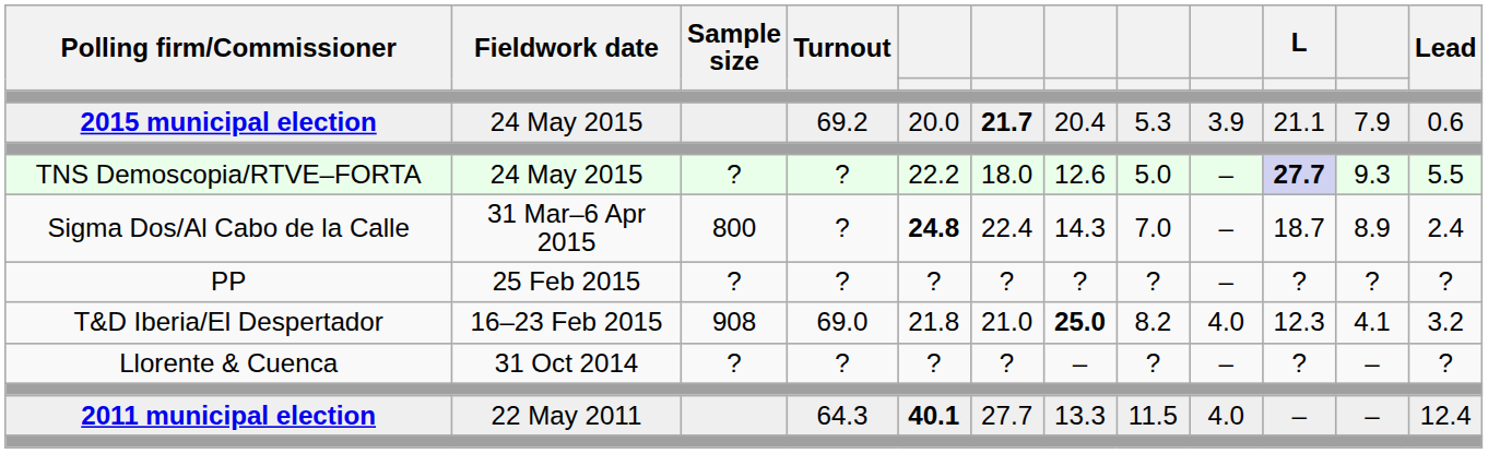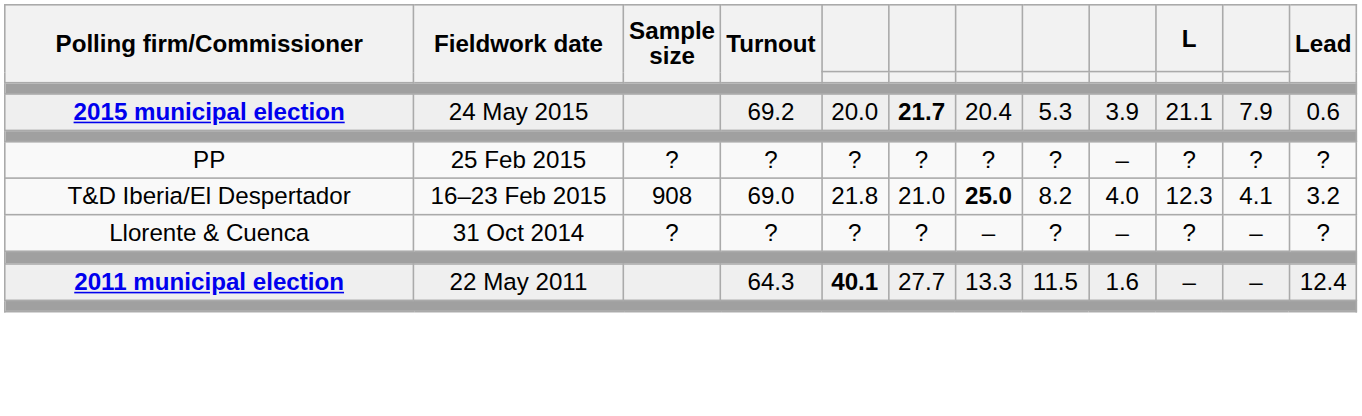 <table class="wikitable collapsible collapsed" style="text-align:center; font-size:95%; line-height:16px;">
 <tr style="height:42px;">
 <th style="width:250px;" rowspan="2">Polling firm/Commissioner</th>
 <th style="width:125px;" rowspan="2">Fieldwork date</th>
 <th style="width:50px;" rowspan="2">Sample size</th>
 <th style="width:45px;" rowspan="2">Turnout</th>
 <th style="width:35px;"></th>
 <th style="width:35px;"></th>
 <th style="width:35px;"></th>
 <th style="width:35px;"></th>
 <th style="width:35px;"></th>
 <th style="width:35px;">L</th>
 <th style="width:35px;"></th>
 <th style="width:30px;" rowspan="2">Lead</th>
 </tr>
 <tr>
 <th style="color:inherit;background:"></th>
 <th style="color:inherit;background:"></th>
 <th style="color:inherit;background:"></th>
 <th style="color:inherit;background:"></th>
 <th style="color:inherit;background:"></th>
 <th style="color:inherit;background:"></th>
 <th style="color:inherit;background:"></th>
 </tr>
 <tr>
 <td colspan="12" style="background:#A0A0A0"></td>
 </tr>
 <tr style="background:#EFEFEF;">
 <td><strong><a href='#'>2015 municipal election</a></strong></td>
 <td>24 May 2015</td>
 <td></td>
 <td>69.2</td>
 <td>20.0<br></td>
 <td><strong>21.7</strong><br></td>
 <td>20.4<br></td>
 <td>5.3<br></td>
 <td>3.9<br></td>
 <td>21.1<br></td>
 <td>7.9<br></td>
 <td style="background:">0.6</td>
 </tr>
 <tr>
 <td colspan="12" style="background:#A0A0A0"></td>
-</tr>
-<tr style="background:#EAFFEA;">
-<td>TNS Demoscopia/RTVE–FORTA</td>
-<td>24 May 2015</td>
-<td>?</td>
-<td>?</td>
-<td>22.2<br></td>
-<td>18.0<br></td>
-<td>12.6<br></td>
-<td>5.0<br></td>
-<td>–</td>
-<td style="background:#D1D2F1"><strong>27.7</strong><br></td>
-<td>9.3<br></td>
-<td style="background:">5.5</td>
-</tr>
-<tr>
-<td>Sigma Dos/Al Cabo de la Calle</td>
-<td>31 Mar–6 Apr 2015</td>
-<td>800</td>
-<td>?</td>
-<td><strong>24.8</strong><br></td>
-<td>22.4<br></td>
-<td>14.3<br></td>
-<td>7.0<br></td>
-<td>–</td>
-<td>18.7<br></td>
-<td>8.9<br></td>
-<td style="background:">2.4</td>
 </tr>
 <tr>
 <td>PP</td>
 <td>25 Feb 2015</td>
 <td>?</td>
 <td>?</td>
 <td>?<br></td>
 <td>?<br></td>
 <td>?<br></td>
 <td>?<br></td>
 <td>–</td>
 <td>?<br></td>
 <td>?<br></td>
 <td style="background:">?</td>
 </tr>
 <tr>
 <td>T&D Iberia/El Despertador</td>
 <td>16–23 Feb 2015</td>
 <td>908</td>
 <td>69.0</td>
 <td>21.8<br></td>
 <td>21.0<br></td>
 <td><strong>25.0</strong><br></td>
 <td>8.2<br></td>
 <td>4.0<br></td>
 <td>12.3<br></td>
 <td>4.1<br></td>
 <td style="background:">3.2</td>
 </tr>
 <tr>
 <td>Llorente & Cuenca</td>
 <td>31 Oct 2014</td>
 <td>?</td>
 <td>?</td>
 <td>?<br></td>
 <td>?<br></td>
 <td>–</td>
 <td>?<br></td>
 <td>–</td>
 <td>?<br></td>
 <td>–</td>
 <td style="background:">?</td>
 </tr>
 <tr>
 <td colspan="12" style="background:#A0A0A0"></td>
 </tr>
 <tr style="background:#EFEFEF;">
 <td><strong><a href='#'>2011 municipal election</a></strong></td>
 <td>22 May 2011</td>
 <td></td>
 <td>64.3</td>
 <td><strong>40.1</strong><br></td>
 <td>27.7<br></td>
 <td>13.3<br></td>
 <td>11.5<br></td>
-<td>4.0<br></td>
+<td>1.6<br></td>
 <td>–</td>
 <td>–</td>
 <td style="background:">12.4</td>
 </tr>
 <tr>
 <td colspan="12" style="background:#A0A0A0"></td>
 </tr>
 </table>
